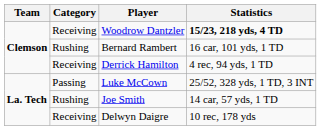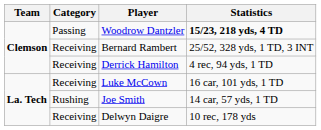 <table class="wikitable">
 <tr>
 <th>Team</th>
 <th>Category</th>
 <th>Player</th>
 <th>Statistics</th>
 </tr>
 <tr>
 <td rowspan=3><strong>Clemson</strong></td>
-<td>Receiving</td>
+<td>Passing</td>
 <td><a href='#'>Woodrow Dantzler</a></td>
 <td><strong>15/23, 218 yds, 4 TD</strong></td>
 </tr>
 <tr>
-<td>Rushing</td>
+<td>Receiving</td>
 <td>Bernard Rambert</td>
-<td>16 car, 101 yds, 1 TD</td>
+<td>25/52, 328 yds, 1 TD, 3 INT</td>
 </tr>
 <tr>
 <td>Receiving</td>
 <td><a href='#'>Derrick Hamilton</a></td>
 <td>4 rec, 94 yds, 1 TD</td>
 </tr>
 <tr>
 <td rowspan=3><strong>La. Tech</strong></td>
-<td>Passing</td>
+<td>Receiving</td>
 <td><a href='#'>Luke McCown</a></td>
-<td>25/52, 328 yds, 1 TD, 3 INT</td>
+<td>16 car, 101 yds, 1 TD</td>
 </tr>
 <tr>
 <td>Rushing</td>
 <td><a href='#'>Joe Smith</a></td>
 <td>14 car, 57 yds, 1 TD</td>
 </tr>
 <tr>
 <td>Receiving</td>
 <td>Delwyn Daigre</td>
 <td>10 rec, 178 yds</td>
 </tr>
 </table>
